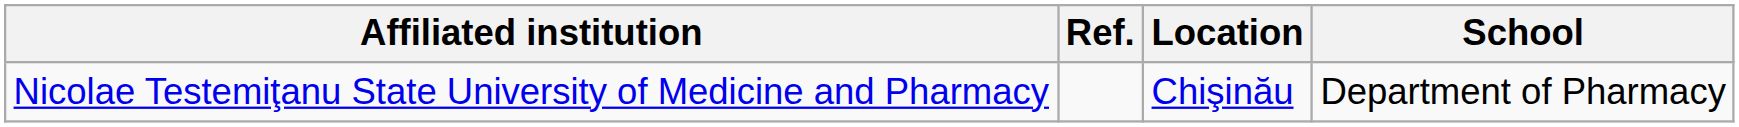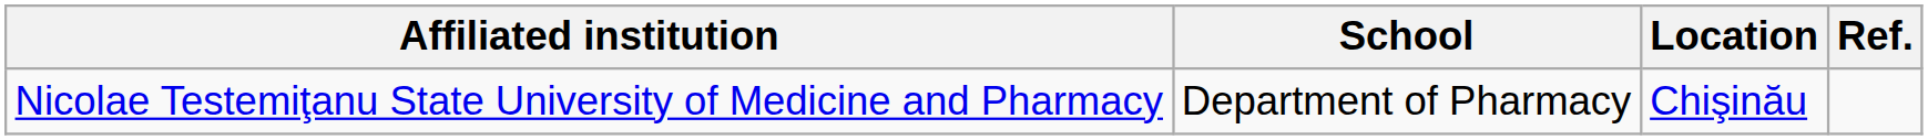 <table class="wikitable sortable">
 <tr>
 <th>Affiliated institution</th>
+<th>School</th>
+<th>Location</th>
 <th>Ref.</th>
-<th>Location</th>
-<th>School</th>
 </tr>
 <tr>
 <td><a href='#'>Nicolae Testemiţanu State University of Medicine and Pharmacy</a></td>
+<td>Department of Pharmacy</td>
+<td><a href='#'>Chişinău</a></td>
 <td></td>
-<td><a href='#'>Chişinău</a></td>
-<td>Department of Pharmacy</td>
 </tr>
 </table>
